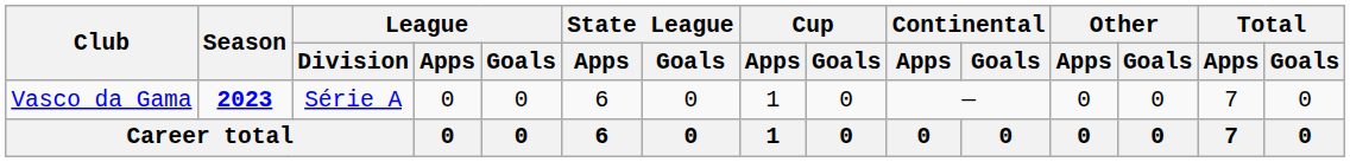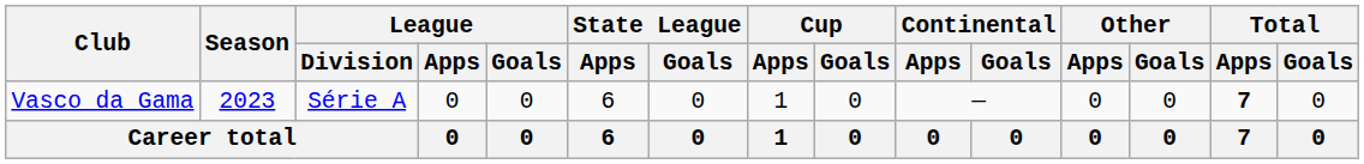 <table class="wikitable" style="text-align:center">
 <tr>
 <th rowspan="2">Club</th>
 <th rowspan="2">Season</th>
 <th colspan="3">League</th>
 <th colspan="2">State League</th>
 <th colspan="2">Cup</th>
 <th colspan="2">Continental</th>
 <th colspan="2">Other</th>
 <th colspan="2">Total</th>
 </tr>
 <tr>
 <th>Division</th>
 <th>Apps</th>
 <th>Goals</th>
 <th>Apps</th>
 <th>Goals</th>
 <th>Apps</th>
 <th>Goals</th>
 <th>Apps</th>
 <th>Goals</th>
 <th>Apps</th>
 <th>Goals</th>
 <th>Apps</th>
 <th>Goals</th>
 </tr>
 <tr>
 <td><a href='#'>Vasco da Gama</a></td>
-<td><strong><a href='#'>2023</a></strong></td>
+<td><a href='#'>2023</a></td>
 <td><a href='#'>Série A</a></td>
 <td>0</td>
 <td>0</td>
 <td>6</td>
 <td>0</td>
 <td>1</td>
 <td>0</td>
 <td colspan=2>—</td>
 <td>0</td>
 <td>0</td>
-<td>7</td>
+<td><strong>7</strong></td>
 <td>0</td>
 </tr>
 <tr>
 <th colspan=3><strong>Career total</strong></th>
 <th>0</th>
 <th>0</th>
 <th>6</th>
 <th>0</th>
 <th>1</th>
 <th>0</th>
 <th>0</th>
 <th>0</th>
 <th>0</th>
 <th>0</th>
 <th>7</th>
 <th>0</th>
 </tr>
 </table>
